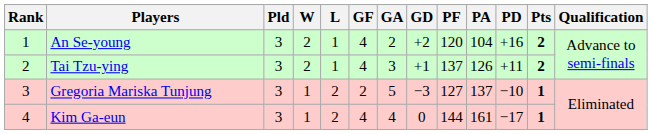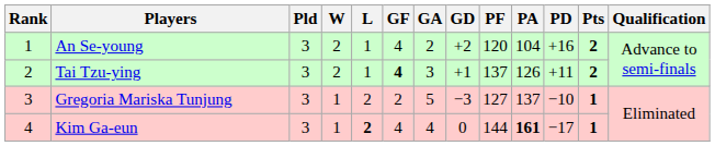 <table class="wikitable" style="font-size:90%; text-align:center">
 <tr>
 <th width="20">Rank</th>
 <th width="200">Players</th>
 <th width="20">Pld</th>
 <th width="20">W</th>
 <th width="20">L</th>
 <th width="20">GF</th>
 <th width="20">GA</th>
 <th width="20">GD</th>
 <th width="20">PF</th>
 <th width="20">PA</th>
 <th width="20">PD</th>
 <th width="20">Pts</th>
 <th width="20">Qualification</th>
 </tr>
 <tr bgcolor="#ccffcc">
 <td>1</td>
 <td align="left"> <a href='#'>An Se-young</a></td>
 <td>3</td>
 <td>2</td>
 <td>1</td>
 <td>4</td>
 <td>2</td>
 <td>+2</td>
 <td>120</td>
 <td>104</td>
 <td>+16</td>
 <td><strong>2</strong></td>
 <td rowspan="2">Advance to <a href='#'>semi-finals</a></td>
 </tr>
 <tr bgcolor="#ccffcc">
 <td>2</td>
 <td align="left"> <a href='#'>Tai Tzu-ying</a></td>
 <td>3</td>
 <td>2</td>
 <td>1</td>
-<td>4</td>
+<td><strong>4</strong></td>
 <td>3</td>
 <td>+1</td>
 <td>137</td>
 <td>126</td>
 <td>+11</td>
 <td><strong>2</strong></td>
 </tr>
 <tr bgcolor="#ffcccc">
 <td>3</td>
 <td align="left"> <a href='#'>Gregoria Mariska Tunjung</a></td>
 <td>3</td>
 <td>1</td>
 <td>2</td>
 <td>2</td>
 <td>5</td>
 <td>−3</td>
 <td>127</td>
 <td>137</td>
 <td>−10</td>
 <td><strong>1</strong></td>
 <td rowspan="2">Eliminated</td>
 </tr>
 <tr bgcolor="#ffcccc">
 <td>4</td>
 <td align="left"> <a href='#'>Kim Ga-eun</a></td>
 <td>3</td>
 <td>1</td>
-<td>2</td>
+<td><strong>2</strong></td>
 <td>4</td>
 <td>4</td>
 <td>0</td>
 <td>144</td>
-<td>161</td>
+<td><strong>161</strong></td>
 <td>−17</td>
 <td><strong>1</strong></td>
 </tr>
 </table>
